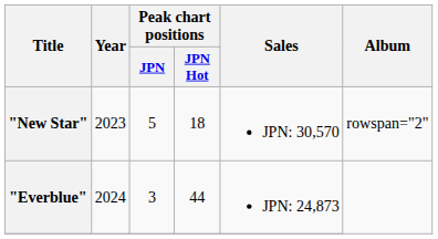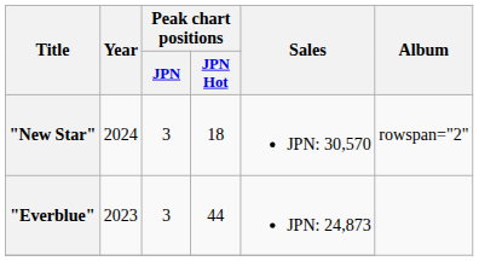 <table class="wikitable plainrowheaders" style="text-align:center">
 <tr>
 <th scope="col" rowspan="2">Title</th>
 <th scope="col" rowspan="2">Year</th>
 <th scope="col" colspan="2">Peak chart positions</th>
 <th scope="col" rowspan="2">Sales</th>
 <th scope="col" rowspan="2">Album</th>
 </tr>
 <tr>
 <th scope="col" style="width:2.75em;font-size:90%"><a href='#'>JPN</a><br></th>
 <th scope="col" style="width:2.75em;font-size:90%"><a href='#'>JPN<br>Hot</a><br></th>
 </tr>
 <tr>
 <th scope="row">"New Star"</th>
-<td>2023</td>
-<td>5</td>
+<td>2024</td>
+<td>3</td>
 <td>18</td>
 <td><br><ul><li>JPN: 30,570</li></ul></td>
 <td>rowspan="2" </td>
 </tr>
 <tr>
 <th scope="row">"Everblue"</th>
-<td>2024</td>
+<td>2023</td>
 <td>3</td>
 <td>44</td>
 <td><br><ul><li>JPN: 24,873</li></ul></td>
 </tr>
 <tr>
 </tr>
 </table>
